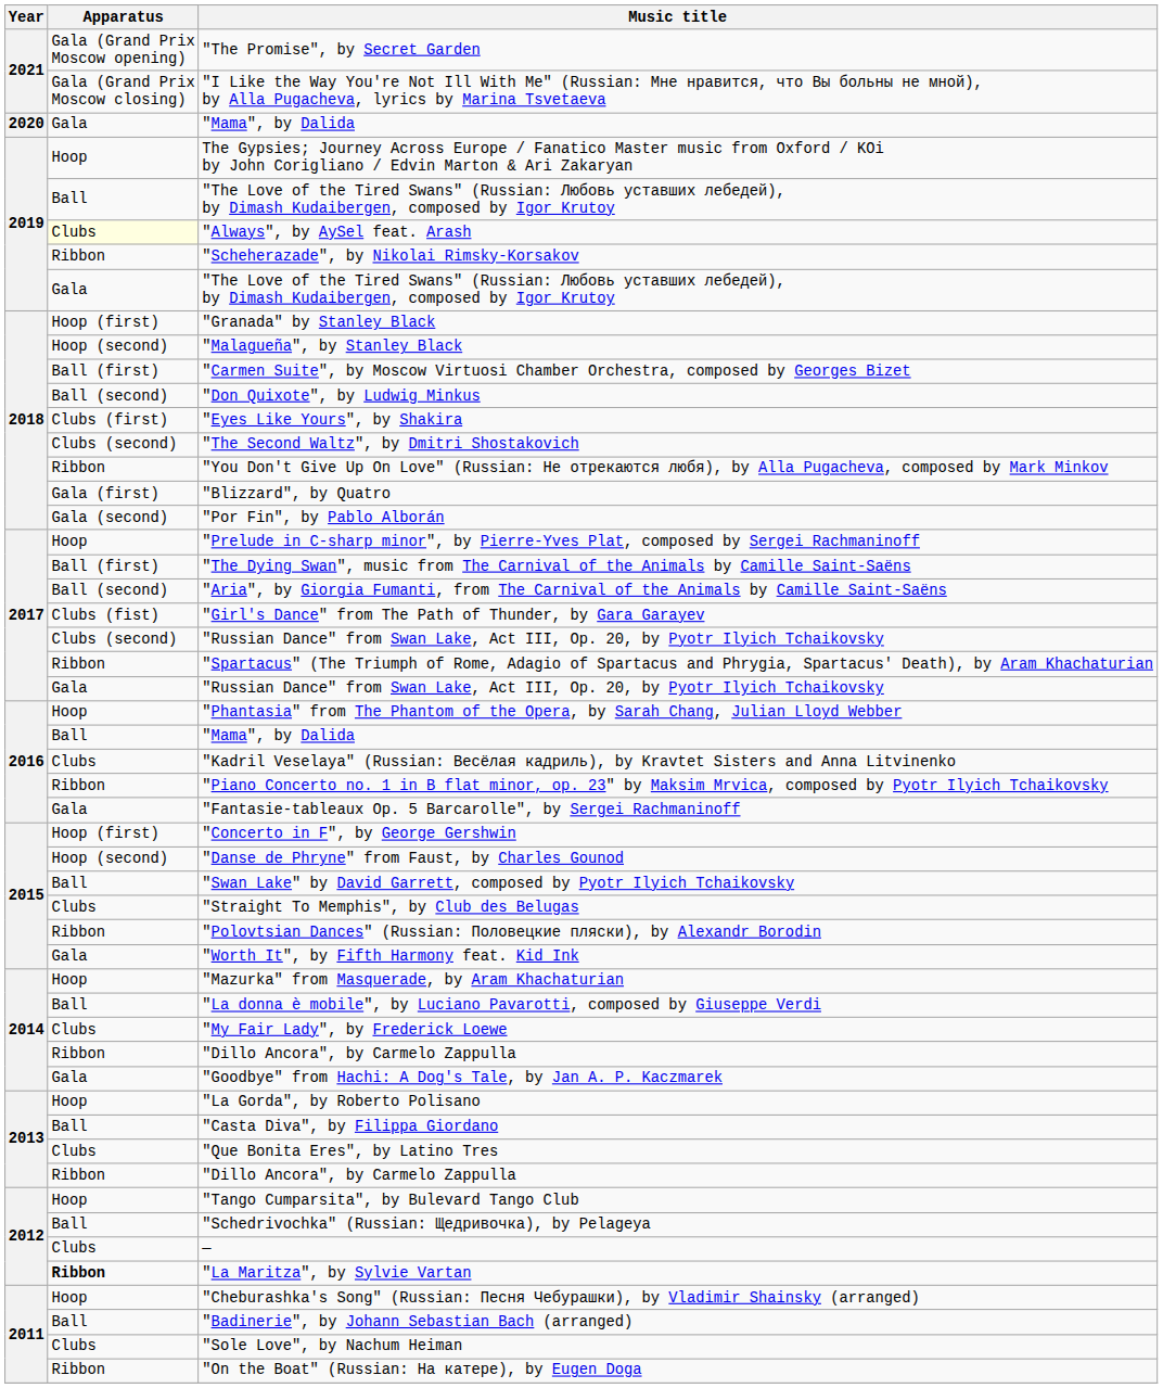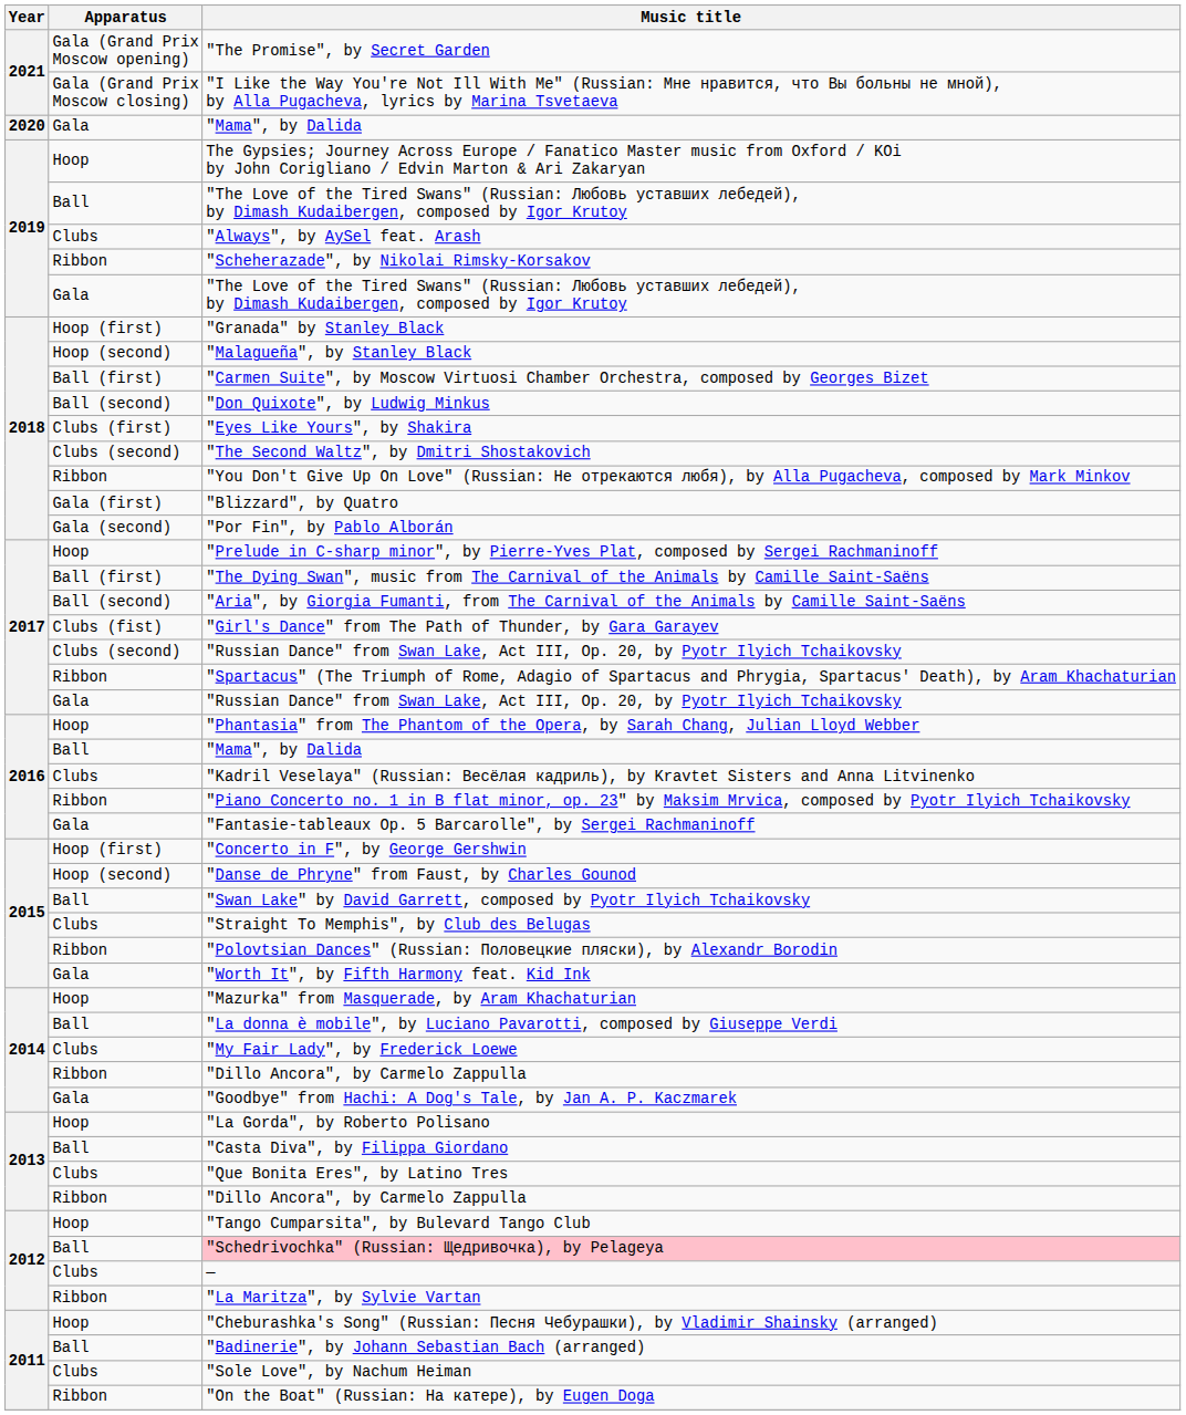 <table class="wikitable plainrowheaders">
 <tr>
 <th scope=col>Year</th>
 <th scope=col>Apparatus</th>
 <th scope=col>Music title</th>
 </tr>
 <tr>
 <th scope=row rowspan=2>2021</th>
 <td>Gala (Grand Prix<br>Moscow opening)</td>
 <td>"The Promise", by <a href='#'>Secret Garden</a></td>
 </tr>
 <tr>
 <td>Gala (Grand Prix<br>Moscow closing)</td>
 <td>"I Like the Way You're Not Ill With Me" (Russian: Мне нравится, что Вы больны не мной),<br>by <a href='#'>Alla Pugacheva</a>, lyrics by <a href='#'>Marina Tsvetaeva</a></td>
 </tr>
 <tr>
 <th scope=row rowspan=1>2020</th>
 <td>Gala</td>
 <td>"<a href='#'>Mama</a>", by <a href='#'>Dalida</a></td>
 </tr>
 <tr>
 <th scope=row rowspan=5>2019</th>
 <td>Hoop</td>
 <td>The Gypsies; Journey Across Europe / Fanatico Master music from Oxford / KOi<br>by John Corigliano / Edvin Marton & Ari Zakaryan</td>
 </tr>
 <tr>
 <td>Ball</td>
 <td>"The Love of the Tired Swans" (Russian: Любовь уставших лебедей),<br>by <a href='#'>Dimash Kudaibergen</a>, composed by <a href='#'>Igor Krutoy</a></td>
 </tr>
 <tr>
-<td style="background: lightyellow;">Clubs</td>
+<td>Clubs</td>
 <td>"<a href='#'>Always</a>", by <a href='#'>AySel</a> feat. <a href='#'>Arash</a></td>
 </tr>
 <tr>
 <td>Ribbon</td>
 <td>"<a href='#'>Scheherazade</a>", by <a href='#'>Nikolai Rimsky-Korsakov</a></td>
 </tr>
 <tr>
 <td>Gala</td>
 <td>"The Love of the Tired Swans" (Russian: Любовь уставших лебедей),<br>by <a href='#'>Dimash Kudaibergen</a>, composed by <a href='#'>Igor Krutoy</a></td>
 </tr>
 <tr>
 <th scope=row rowspan=9>2018</th>
 <td>Hoop (first)</td>
 <td>"Granada" by <a href='#'>Stanley Black</a></td>
 </tr>
 <tr>
 <td>Hoop (second)</td>
 <td>"<a href='#'>Malagueña</a>", by <a href='#'>Stanley Black</a></td>
 </tr>
 <tr>
 <td>Ball (first)</td>
 <td>"<a href='#'>Carmen Suite</a>", by Moscow Virtuosi Chamber Orchestra, composed by <a href='#'>Georges Bizet</a></td>
 </tr>
 <tr>
 <td>Ball (second)</td>
 <td>"<a href='#'>Don Quixote</a>", by <a href='#'>Ludwig Minkus</a></td>
 </tr>
 <tr>
 <td>Clubs (first)</td>
 <td>"<a href='#'>Eyes Like Yours</a>", by <a href='#'>Shakira</a></td>
 </tr>
 <tr>
 <td>Clubs (second)</td>
 <td>"<a href='#'>The Second Waltz</a>", by <a href='#'>Dmitri Shostakovich</a></td>
 </tr>
 <tr>
 <td>Ribbon</td>
 <td>"You Don't Give Up On Love" (Russian: Не отрекаются любя), by <a href='#'>Alla Pugacheva</a>, composed by <a href='#'>Mark Minkov</a></td>
 </tr>
 <tr>
 <td>Gala (first)</td>
 <td>"Blizzard", by Quatro</td>
 </tr>
 <tr>
 <td>Gala  (second)</td>
 <td>"Por Fin", by <a href='#'>Pablo Alborán</a></td>
 </tr>
 <tr>
 <th scope=row rowspan=7>2017</th>
 <td>Hoop</td>
 <td>"<a href='#'>Prelude in C-sharp minor</a>", by <a href='#'>Pierre-Yves Plat</a>, composed by <a href='#'>Sergei Rachmaninoff</a></td>
 </tr>
 <tr>
 <td>Ball (first)</td>
 <td>"<a href='#'>The Dying Swan</a>", music from <a href='#'>The Carnival of the Animals</a> by <a href='#'>Camille Saint-Saëns</a></td>
 </tr>
 <tr>
 <td>Ball (second)</td>
 <td>"<a href='#'>Aria</a>", by <a href='#'>Giorgia Fumanti</a>, from <a href='#'>The Carnival of the Animals</a> by <a href='#'>Camille Saint-Saëns</a></td>
 </tr>
 <tr>
 <td>Clubs (fist)</td>
 <td>"<a href='#'>Girl's Dance</a>" from The Path of Thunder, by <a href='#'>Gara Garayev</a></td>
 </tr>
 <tr>
 <td>Clubs (second)</td>
 <td>"Russian Dance" from <a href='#'>Swan Lake</a>, Act III, Op. 20, by <a href='#'>Pyotr Ilyich Tchaikovsky</a></td>
 </tr>
 <tr>
 <td>Ribbon</td>
 <td>"<a href='#'>Spartacus</a>" (The Triumph of Rome, Adagio of Spartacus and Phrygia, Spartacus' Death), by <a href='#'>Aram Khachaturian</a></td>
 </tr>
 <tr>
 <td>Gala</td>
 <td>"Russian Dance" from <a href='#'>Swan Lake</a>, Act III, Op. 20, by <a href='#'>Pyotr Ilyich Tchaikovsky</a></td>
 </tr>
 <tr>
 <th scope=row rowspan=5>2016</th>
 <td>Hoop</td>
 <td>"<a href='#'>Phantasia</a>" from <a href='#'>The Phantom of the Opera</a>, by <a href='#'>Sarah Chang</a>, <a href='#'>Julian Lloyd Webber</a></td>
 </tr>
 <tr>
 <td>Ball</td>
 <td>"<a href='#'>Mama</a>", by <a href='#'>Dalida</a></td>
 </tr>
 <tr>
 <td>Clubs</td>
 <td>"Kadril Veselaya" (Russian: Весёлая кадриль), by Kravtet Sisters and Anna Litvinenko</td>
 </tr>
 <tr>
 <td>Ribbon</td>
 <td>"<a href='#'>Piano Concerto no. 1 in B flat minor, op. 23</a>" by <a href='#'>Maksim Mrvica</a>, composed by <a href='#'>Pyotr Ilyich Tchaikovsky</a></td>
 </tr>
 <tr>
 <td>Gala</td>
 <td>"Fantasie-tableaux Op. 5 Barcarolle", by <a href='#'>Sergei Rachmaninoff</a></td>
 </tr>
 <tr>
 <th scope=row rowspan=6>2015</th>
 <td>Hoop (first)</td>
 <td>"<a href='#'>Concerto in F</a>", by <a href='#'>George Gershwin</a></td>
 </tr>
 <tr>
 <td>Hoop (second)</td>
 <td>"<a href='#'>Danse de Phryne</a>" from Faust, by <a href='#'>Charles Gounod</a></td>
 </tr>
 <tr>
 <td>Ball</td>
 <td>"<a href='#'>Swan Lake</a>" by <a href='#'>David Garrett</a>, composed by <a href='#'>Pyotr Ilyich Tchaikovsky</a></td>
 </tr>
 <tr>
 <td>Clubs</td>
 <td>"Straight To Memphis", by <a href='#'>Club des Belugas</a></td>
 </tr>
 <tr>
 <td>Ribbon</td>
 <td>"<a href='#'>Polovtsian Dances</a>" (Russian: Половецкие пляски), by <a href='#'>Alexandr Borodin</a></td>
 </tr>
 <tr>
 <td>Gala</td>
 <td>"<a href='#'>Worth It</a>", by <a href='#'>Fifth Harmony</a> feat. <a href='#'>Kid Ink</a></td>
 </tr>
 <tr>
 <th scope=row rowspan=5>2014</th>
 <td>Hoop</td>
 <td>"Mazurka" from <a href='#'>Masquerade</a>, by <a href='#'>Aram Khachaturian</a></td>
 </tr>
 <tr>
 <td>Ball</td>
 <td>"<a href='#'>La donna è mobile</a>", by <a href='#'>Luciano Pavarotti</a>, composed by <a href='#'>Giuseppe Verdi</a></td>
 </tr>
 <tr>
 <td>Clubs</td>
 <td>"<a href='#'>My Fair Lady</a>", by <a href='#'>Frederick Loewe</a></td>
 </tr>
 <tr>
 <td>Ribbon</td>
 <td>"Dillo Ancora", by Carmelo Zappulla</td>
 </tr>
 <tr>
 <td>Gala</td>
 <td>"Goodbye" from <a href='#'>Hachi: A Dog's Tale</a>, by <a href='#'>Jan A. P. Kaczmarek</a></td>
 </tr>
 <tr>
 <th scope=row rowspan=4>2013</th>
 <td>Hoop</td>
 <td>"La Gorda", by Roberto Polisano</td>
 </tr>
 <tr>
 <td>Ball</td>
 <td>"Casta Diva", by <a href='#'>Filippa Giordano</a></td>
 </tr>
 <tr>
 <td>Clubs</td>
 <td>"Que Bonita Eres", by Latino Tres</td>
 </tr>
 <tr>
 <td>Ribbon</td>
 <td>"Dillo Ancora", by Carmelo Zappulla</td>
 </tr>
 <tr>
 <th scope=row rowspan=4>2012</th>
 <td>Hoop</td>
 <td>"Tango Cumparsita", by Bulevard Tango Club</td>
 </tr>
 <tr>
 <td>Ball</td>
-<td>"Schedrivochka" (Russian: Щедривочка), by Pelageya</td>
+<td style="background: pink;">"Schedrivochka" (Russian: Щедривочка), by Pelageya</td>
 </tr>
 <tr>
 <td>Clubs</td>
 <td>—</td>
 </tr>
 <tr>
-<td><strong>Ribbon</strong></td>
+<td>Ribbon</td>
 <td>"<a href='#'>La Maritza</a>", by <a href='#'>Sylvie Vartan</a></td>
 </tr>
 <tr>
 <th scope=row rowspan=4>2011</th>
 <td>Hoop</td>
 <td>"Cheburashka's Song" (Russian: Песня Чебурашки), by <a href='#'>Vladimir Shainsky</a> (arranged)</td>
 </tr>
 <tr>
 <td>Ball</td>
 <td>"<a href='#'>Badinerie</a>", by <a href='#'>Johann Sebastian Bach</a> (arranged)</td>
 </tr>
 <tr>
 <td>Clubs</td>
 <td>"Sole Love", by Nachum Heiman</td>
 </tr>
 <tr>
 <td>Ribbon</td>
 <td>"On the Boat" (Russian: На катере), by <a href='#'>Eugen Doga</a></td>
 </tr>
 <tr>
 </tr>
 </table>
